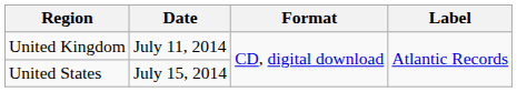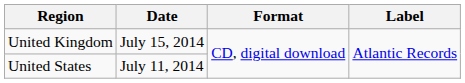 <table class="wikitable">
 <tr>
 <th>Region</th>
 <th>Date</th>
 <th>Format</th>
 <th>Label</th>
 </tr>
 <tr>
 <td>United Kingdom</td>
-<td>July 11, 2014</td>
+<td>July 15, 2014</td>
 <td rowspan="2"><a href='#'>CD</a>, <a href='#'>digital download</a></td>
 <td rowspan="2"><a href='#'>Atlantic Records</a></td>
 </tr>
 <tr>
 <td>United States</td>
-<td>July 15, 2014</td>
+<td>July 11, 2014</td>
 </tr>
 </table>
